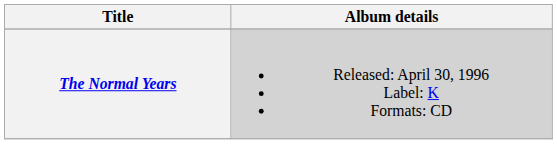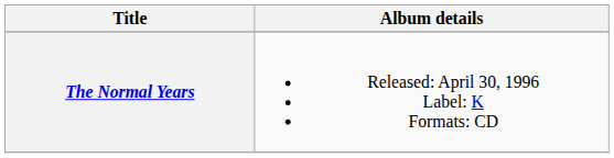 <table class="wikitable plainrowheaders" style="text-align:center;">
 <tr>
 <th scope="col" style="width:14em;">Title</th>
 <th scope="col" style="width:20em;">Album details</th>
 </tr>
 <tr>
 </tr>
 <tr>
 <th scope="row"><em><a href='#'>The Normal Years</a></em></th>
-<td style="background: lightgrey;"><br><ul><li>Released: April 30, 1996</li><li>Label: <a href='#'>K</a></li><li>Formats: CD</li></ul></td>
+<td><br><ul><li>Released: April 30, 1996</li><li>Label: <a href='#'>K</a></li><li>Formats: CD</li></ul></td>
 </tr>
 <tr>
 </tr>
 </table>
